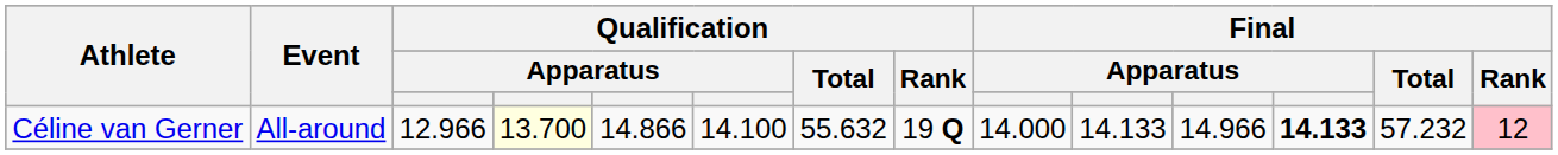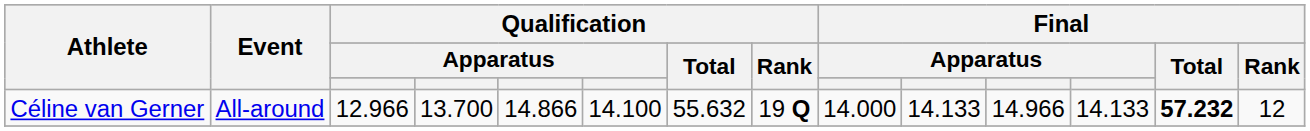 <table class="wikitable" style="font-size:90%">
 <tr>
 <th rowspan=3>Athlete</th>
 <th rowspan=3>Event</th>
 <th colspan =6>Qualification</th>
 <th colspan =6>Final</th>
 </tr>
 <tr style="font-size:95%">
 <th colspan=4>Apparatus</th>
 <th rowspan=2>Total</th>
 <th rowspan=2>Rank</th>
 <th colspan=4>Apparatus</th>
 <th rowspan=2>Total</th>
 <th rowspan=2>Rank</th>
 </tr>
 <tr style="font-size:95%">
 <th></th>
 <th></th>
 <th></th>
 <th></th>
 <th></th>
 <th></th>
 <th></th>
 <th></th>
 </tr>
 <tr align=center>
 <td align=left><a href='#'>Céline van Gerner</a></td>
 <td align=left><a href='#'>All-around</a></td>
 <td>12.966</td>
-<td style="background: lightyellow;">13.700</td>
+<td>13.700</td>
 <td>14.866</td>
 <td>14.100</td>
 <td>55.632</td>
 <td>19 <strong>Q</strong></td>
 <td>14.000</td>
 <td>14.133</td>
 <td>14.966</td>
-<td><strong>14.133</strong></td>
-<td>57.232</td>
-<td style="background: pink;">12</td>
+<td>14.133</td>
+<td><strong>57.232</strong></td>
+<td>12</td>
 </tr>
 </table>
